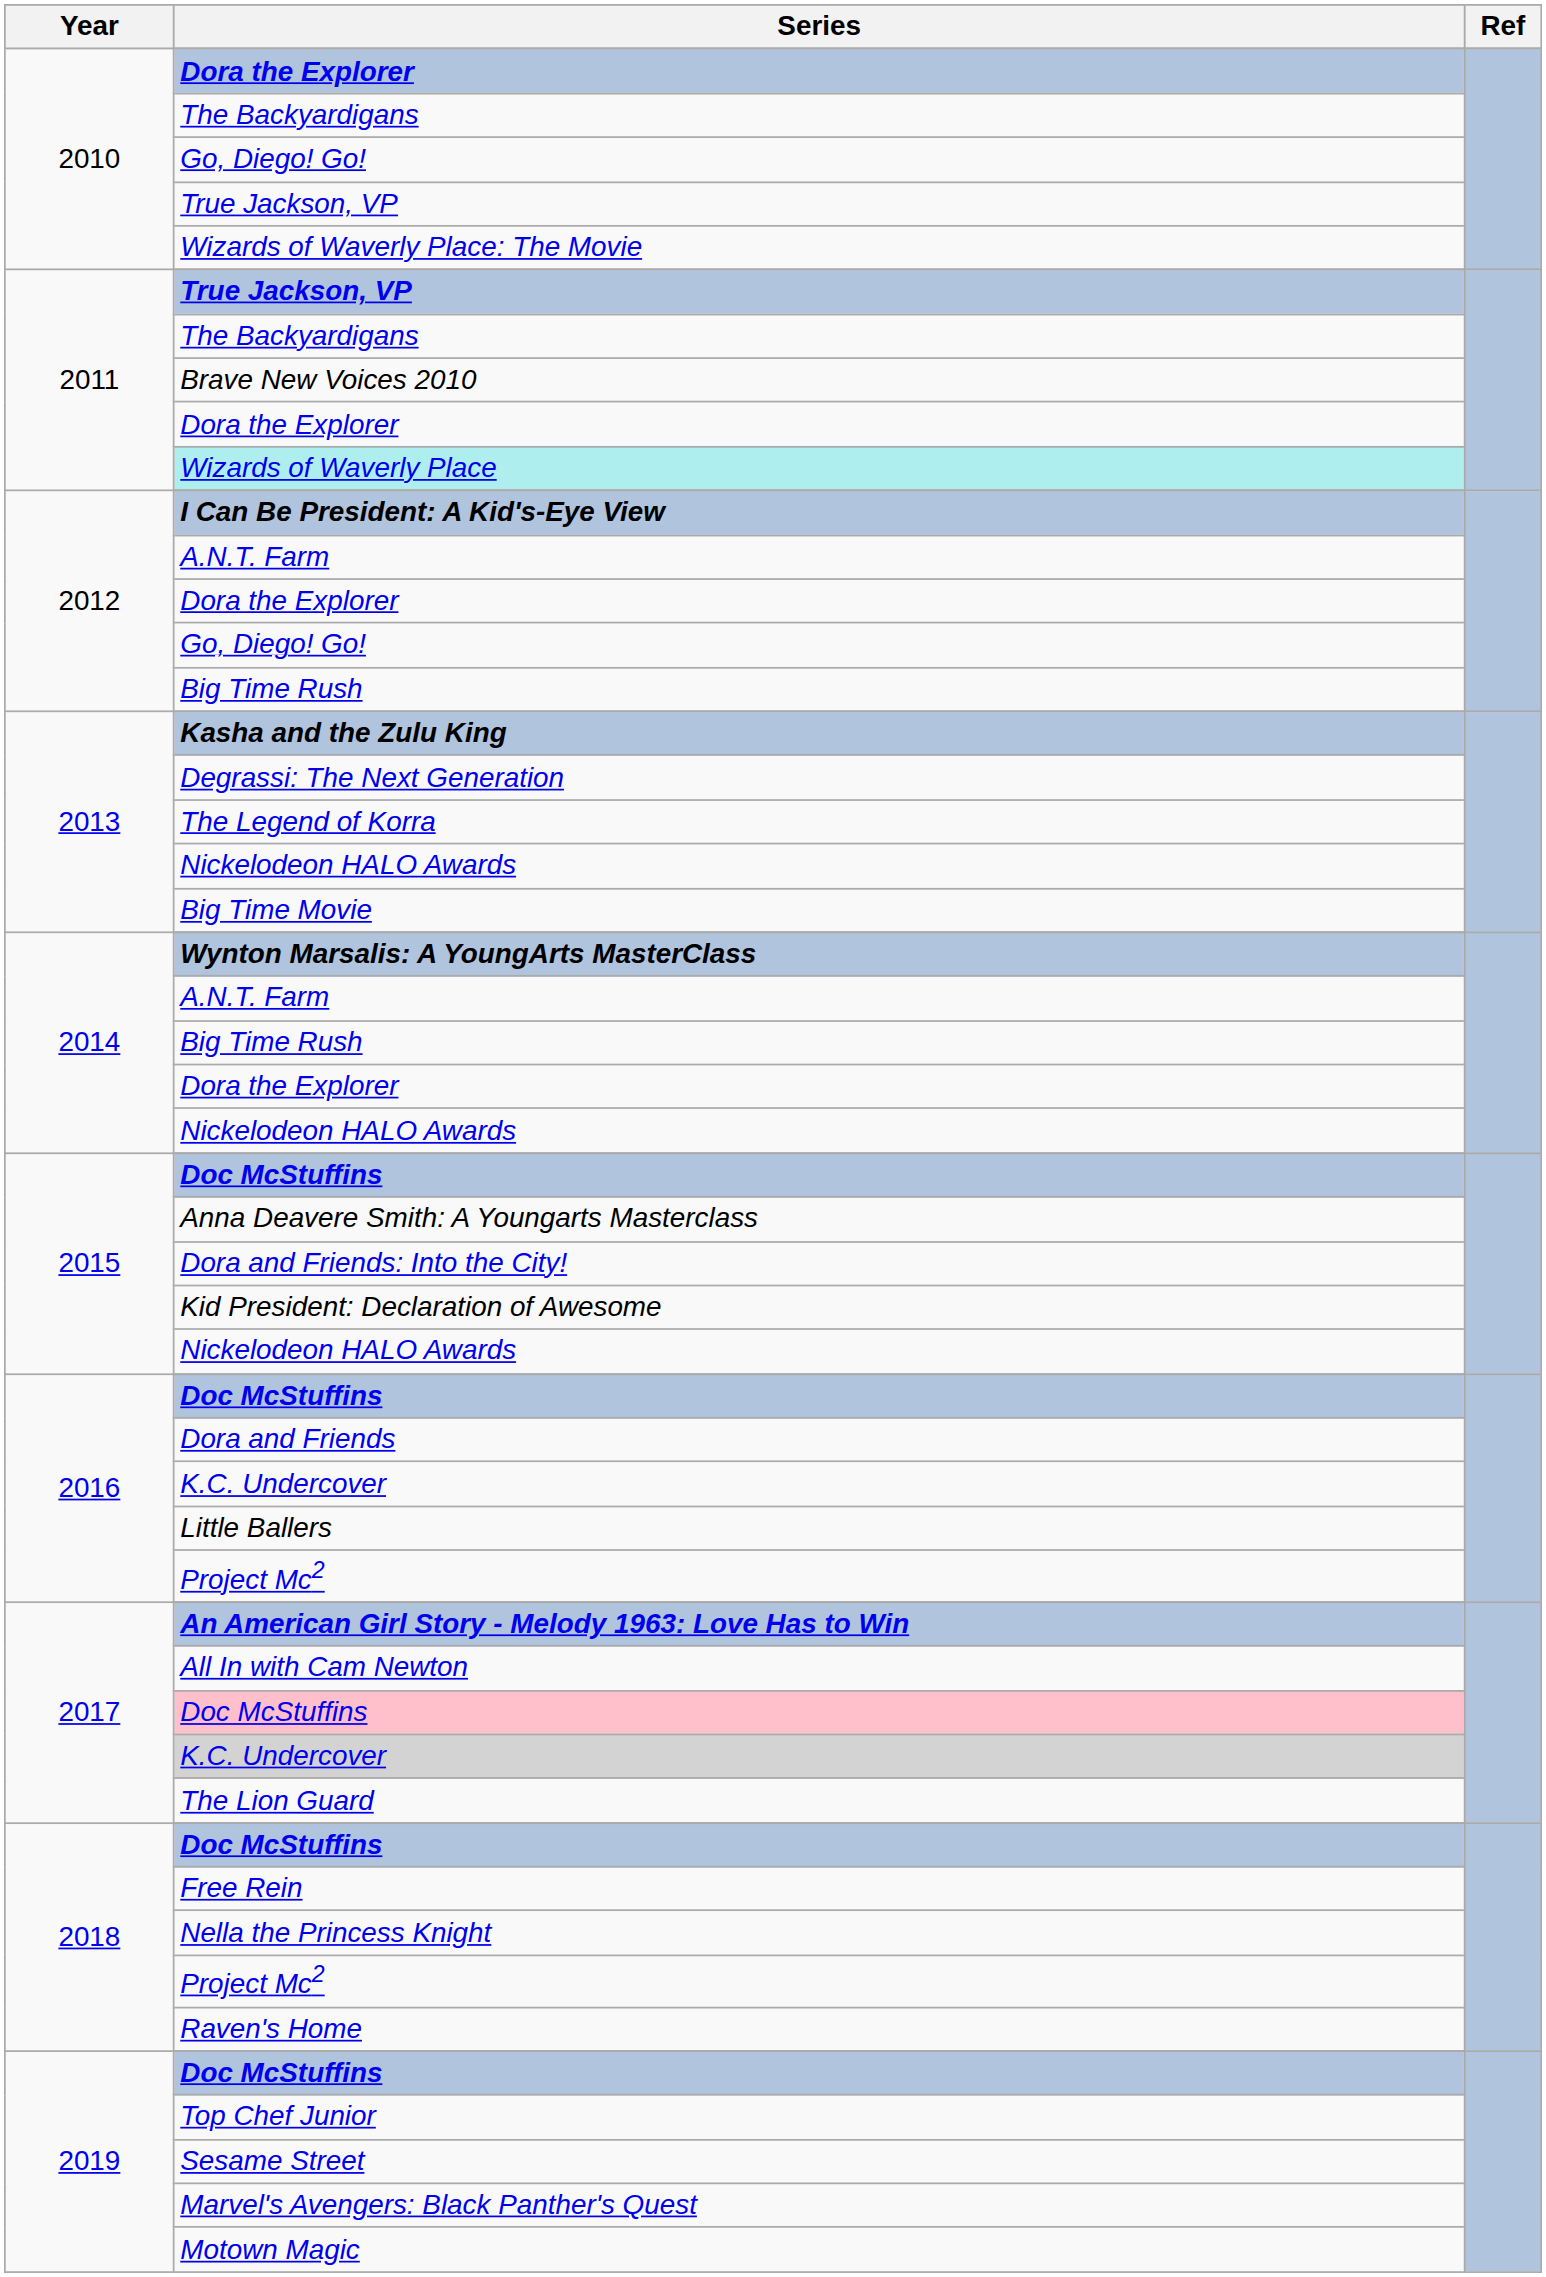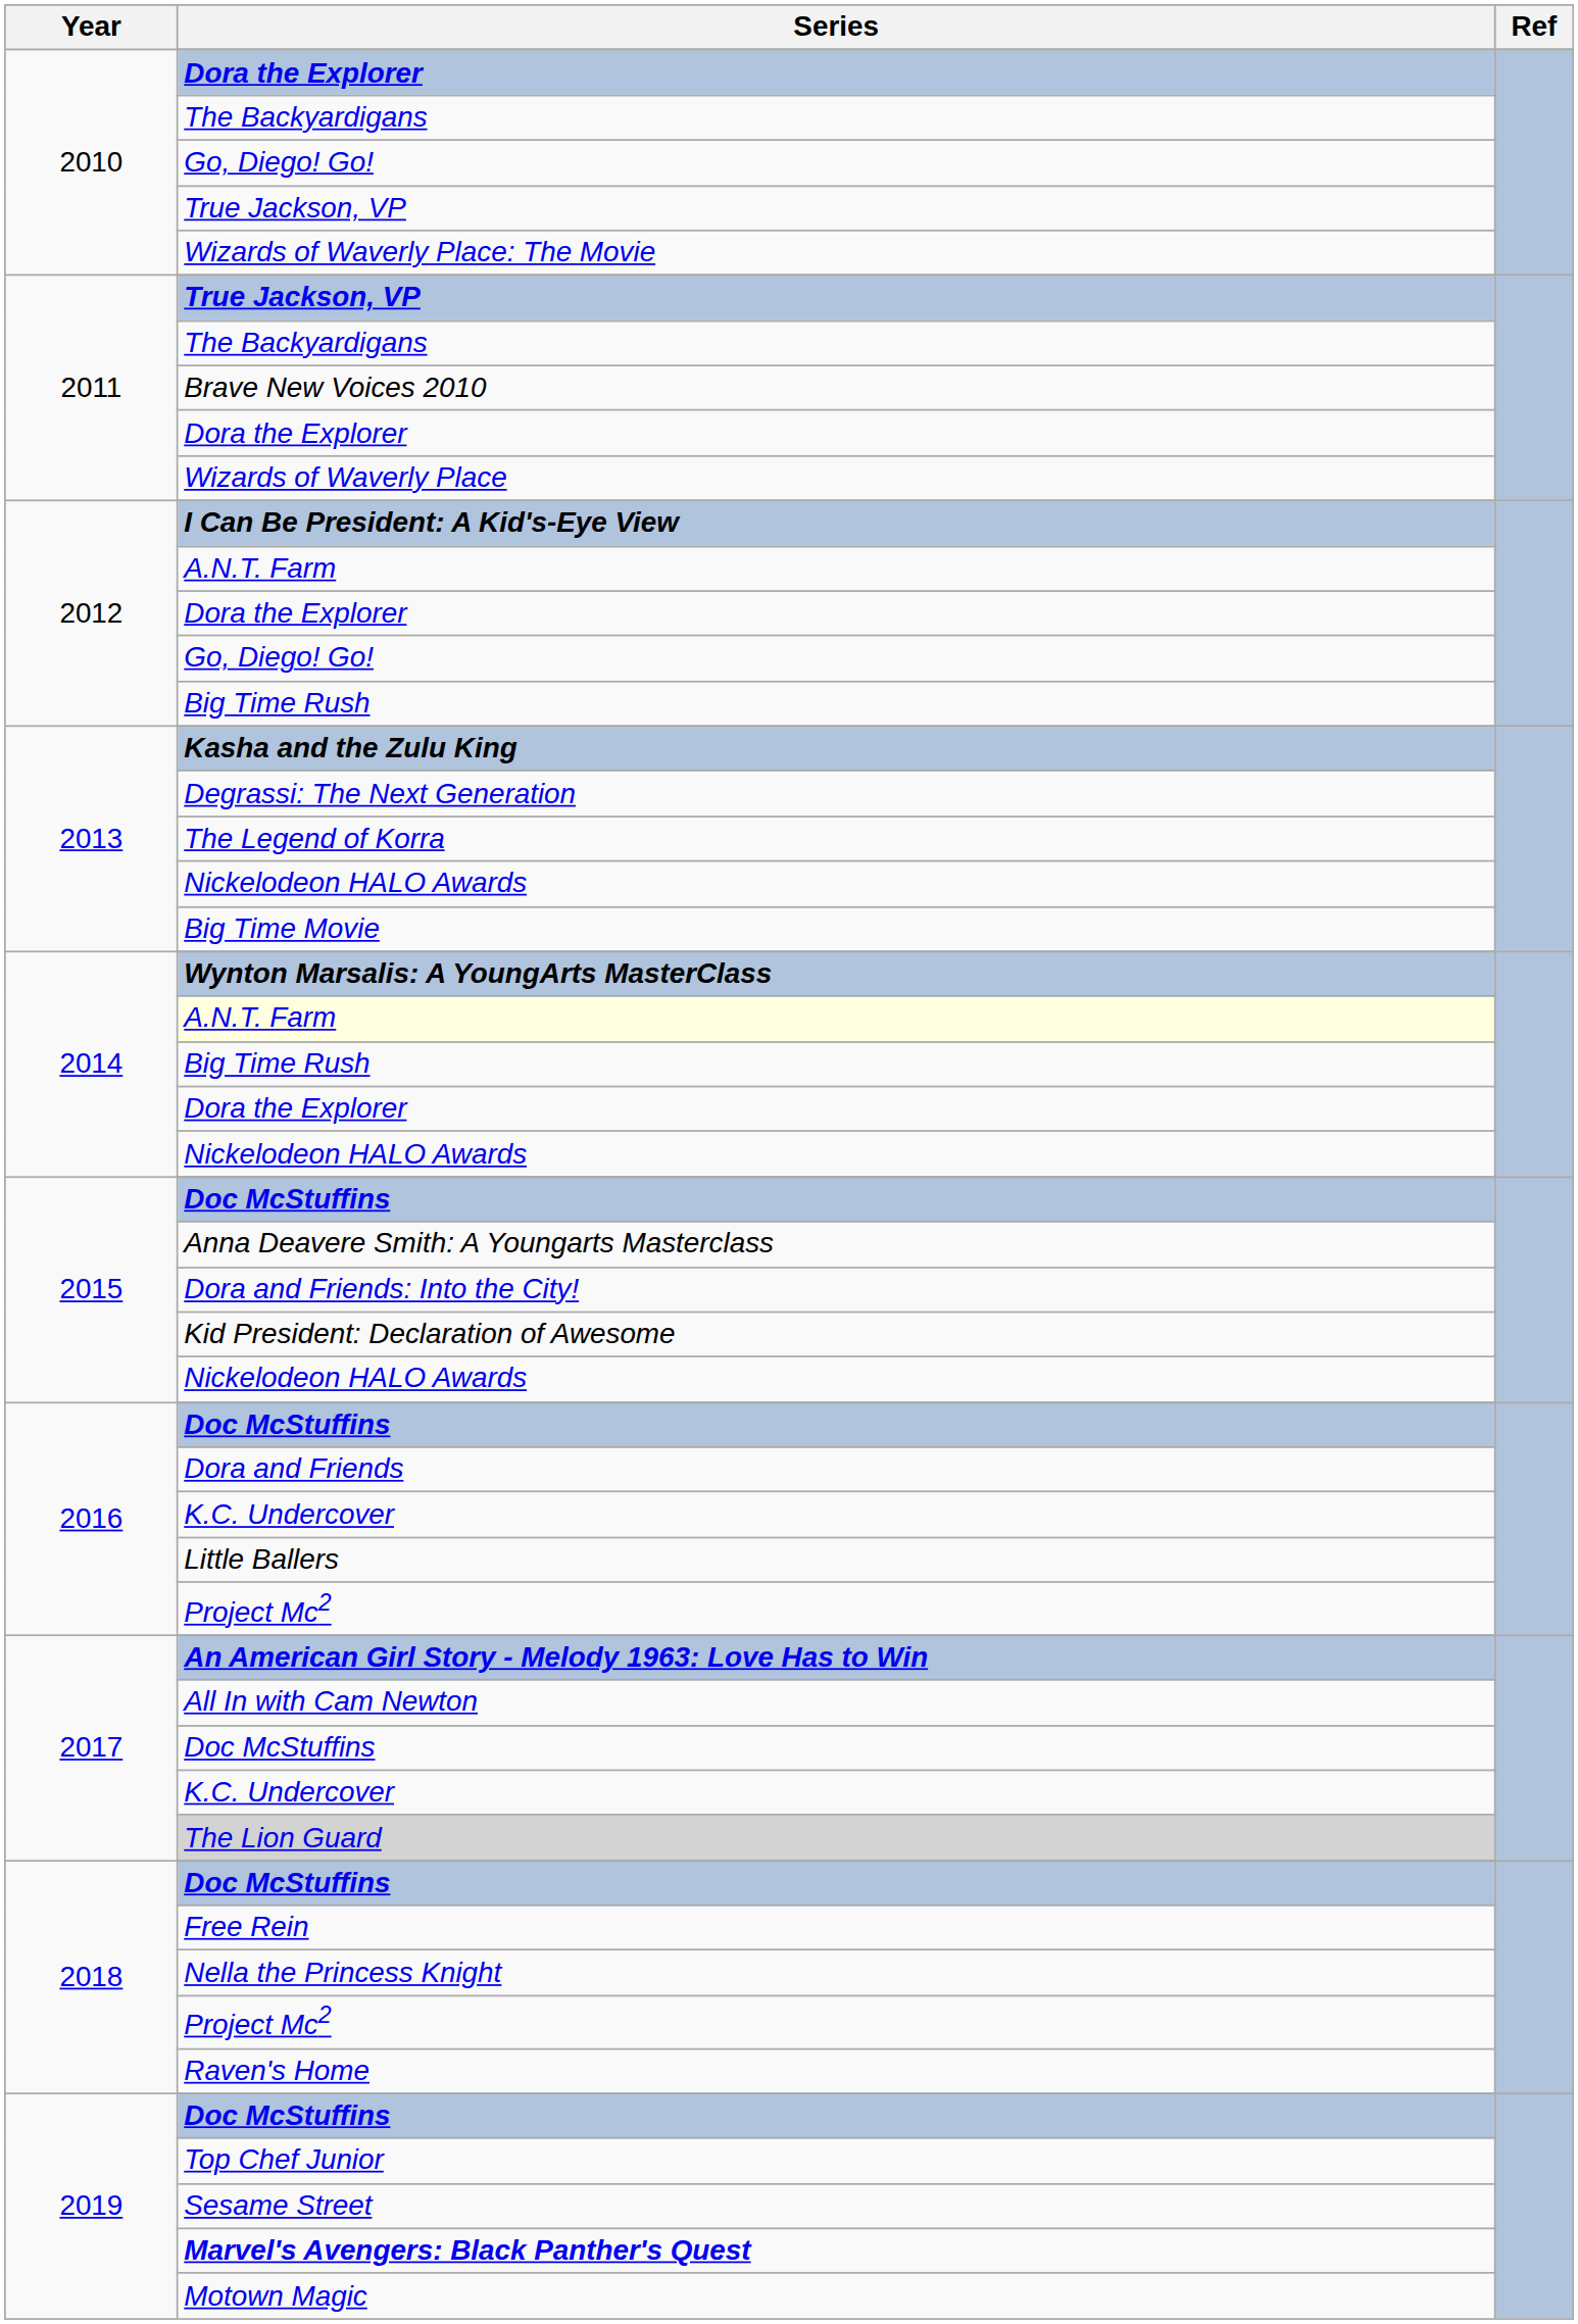 <table class="wikitable" style="width:100%;">
 <tr style="background:#bebebe;">
 <th style="width:11%;">Year</th>
 <th style="width:84%;">Series</th>
 <th style="width:5%;">Ref</th>
 </tr>
 <tr>
 <td rowspan="6" align="center">2010</td>
 </tr>
 <tr style="background:#B0C4DE">
 <td><strong><em><a href='#'>Dora the Explorer</a></em></strong></td>
 <td rowspan="6" align="center"></td>
 </tr>
 <tr>
 <td><em><a href='#'>The Backyardigans</a></em></td>
 </tr>
 <tr>
 <td><em><a href='#'>Go, Diego! Go!</a></em></td>
 </tr>
 <tr>
 <td><em><a href='#'>True Jackson, VP</a></em></td>
 </tr>
 <tr>
 <td><em><a href='#'>Wizards of Waverly Place: The Movie</a></em></td>
 </tr>
 <tr>
 <td rowspan="6" align="center">2011</td>
 </tr>
 <tr style="background:#B0C4DE">
 <td><strong><em><a href='#'>True Jackson, VP</a></em></strong></td>
 <td rowspan="6" align="center"></td>
 </tr>
 <tr>
 <td><em><a href='#'>The Backyardigans</a></em></td>
 </tr>
 <tr>
 <td><em>Brave New Voices 2010</em></td>
 </tr>
 <tr>
 <td><em><a href='#'>Dora the Explorer</a></em></td>
 </tr>
 <tr>
-<td style="background: paleturquoise;"><em><a href='#'>Wizards of Waverly Place</a></em></td>
+<td><em><a href='#'>Wizards of Waverly Place</a></em></td>
 </tr>
 <tr>
 <td rowspan="6" align="center">2012</td>
 </tr>
 <tr style="background:#B0C4DE">
 <td><strong><em>I Can Be President: A Kid's-Eye View</em></strong></td>
 <td rowspan="6" align="center"></td>
 </tr>
 <tr>
 <td><em><a href='#'>A.N.T. Farm</a></em></td>
 </tr>
 <tr>
 <td><em><a href='#'>Dora the Explorer</a></em></td>
 </tr>
 <tr>
 <td><em><a href='#'>Go, Diego! Go!</a></em></td>
 </tr>
 <tr>
 <td><em><a href='#'>Big Time Rush</a></em></td>
 </tr>
 <tr>
 <td rowspan="6" align="center"><a href='#'>2013</a></td>
 </tr>
 <tr style="background:#B0C4DE">
 <td><strong><em>Kasha and the Zulu King</em></strong></td>
 <td rowspan="6" align="center"></td>
 </tr>
 <tr>
 <td><em><a href='#'>Degrassi: The Next Generation</a></em></td>
 </tr>
 <tr>
 <td><em><a href='#'>The Legend of Korra</a></em></td>
 </tr>
 <tr>
 <td><em><a href='#'>Nickelodeon HALO Awards</a></em></td>
 </tr>
 <tr>
 <td><em><a href='#'>Big Time Movie</a></em></td>
 </tr>
 <tr>
 <td rowspan="6" align="center"><a href='#'>2014</a></td>
 </tr>
 <tr style="background:#B0C4DE">
 <td><strong><em>Wynton Marsalis: A YoungArts MasterClass</em></strong></td>
 <td rowspan="6" align="center"></td>
 </tr>
 <tr>
-<td><em><a href='#'>A.N.T. Farm</a></em></td>
+<td style="background: lightyellow;"><em><a href='#'>A.N.T. Farm</a></em></td>
 </tr>
 <tr>
 <td><em><a href='#'>Big Time Rush</a></em></td>
 </tr>
 <tr>
 <td><em><a href='#'>Dora the Explorer</a></em></td>
 </tr>
 <tr>
 <td><em><a href='#'>Nickelodeon HALO Awards</a></em></td>
 </tr>
 <tr>
 <td rowspan="6" align="center"><a href='#'>2015</a></td>
 </tr>
 <tr style="background:#B0C4DE">
 <td><strong><em><a href='#'>Doc McStuffins</a></em></strong></td>
 <td rowspan="6" align="center"></td>
 </tr>
 <tr>
 <td><em>Anna Deavere Smith: A Youngarts Masterclass</em></td>
 </tr>
 <tr>
 <td><em><a href='#'>Dora and Friends: Into the City!</a></em></td>
 </tr>
 <tr>
 <td><em>Kid President: Declaration of Awesome</em></td>
 </tr>
 <tr>
 <td><em><a href='#'>Nickelodeon HALO Awards</a></em></td>
 </tr>
 <tr>
 <td rowspan="6" align="center"><a href='#'>2016</a></td>
 </tr>
 <tr style="background:#B0C4DE">
 <td><strong><em><a href='#'>Doc McStuffins</a></em></strong></td>
 <td rowspan="6" align="center"></td>
 </tr>
 <tr>
 <td><em><a href='#'>Dora and Friends</a></em></td>
 </tr>
 <tr>
 <td><em><a href='#'>K.C. Undercover</a></em></td>
 </tr>
 <tr>
 <td><em>Little Ballers</em></td>
 </tr>
 <tr>
 <td><em><a href='#'>Project Mc<sup>2</sup></a></em></td>
 </tr>
 <tr>
 <td rowspan="6" align="center"><a href='#'>2017</a></td>
 </tr>
 <tr style="background:#B0C4DE">
 <td><strong><em><a href='#'>An American Girl Story - Melody 1963: Love Has to Win</a></em></strong></td>
 <td rowspan="6" align="center"></td>
 </tr>
 <tr>
 <td><em><a href='#'>All In with Cam Newton</a></em></td>
 </tr>
 <tr>
-<td style="background: pink;"><em><a href='#'>Doc McStuffins</a></em></td>
+<td><em><a href='#'>Doc McStuffins</a></em></td>
 </tr>
 <tr>
-<td style="background: lightgrey;"><em><a href='#'>K.C. Undercover</a></em></td>
+<td><em><a href='#'>K.C. Undercover</a></em></td>
 </tr>
 <tr>
-<td><em><a href='#'>The Lion Guard</a></em></td>
+<td style="background: lightgrey;"><em><a href='#'>The Lion Guard</a></em></td>
 </tr>
 <tr>
 <td rowspan="6" align="center"><a href='#'>2018</a></td>
 </tr>
 <tr style="background:#B0C4DE">
 <td><strong><em><a href='#'>Doc McStuffins</a></em></strong></td>
 <td rowspan="6" align="center"></td>
 </tr>
 <tr>
 <td><em><a href='#'>Free Rein</a></em></td>
 </tr>
 <tr>
 <td><em><a href='#'>Nella the Princess Knight</a></em></td>
 </tr>
 <tr>
 <td><em><a href='#'>Project Mc<sup>2</sup></a></em></td>
 </tr>
 <tr>
 <td><em><a href='#'>Raven's Home</a></em></td>
 </tr>
 <tr>
 <td rowspan="6" align="center"><a href='#'>2019</a></td>
 </tr>
 <tr style="background:#B0C4DE">
 <td><strong><em><a href='#'>Doc McStuffins</a></em></strong></td>
 <td rowspan="6" align="center"></td>
 </tr>
 <tr>
 <td><em><a href='#'>Top Chef Junior</a></em></td>
 </tr>
 <tr>
 <td><em><a href='#'>Sesame Street</a></em></td>
 </tr>
 <tr>
-<td><em><a href='#'>Marvel's Avengers: Black Panther's Quest</a></em></td>
+<td><strong><em><a href='#'>Marvel's Avengers: Black Panther's Quest</a></em></strong></td>
 </tr>
 <tr>
 <td><em><a href='#'>Motown Magic</a></em></td>
 </tr>
 </table>
